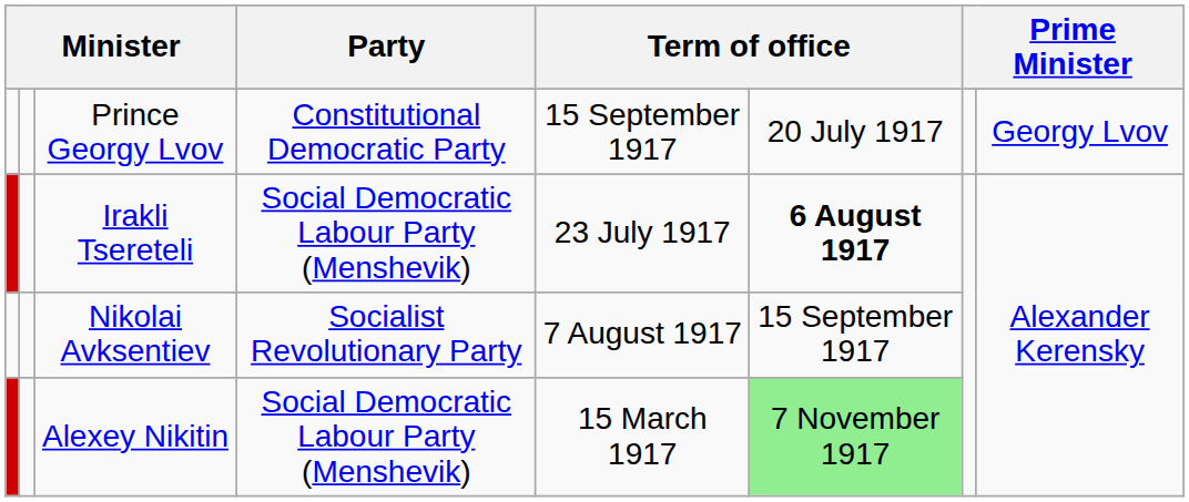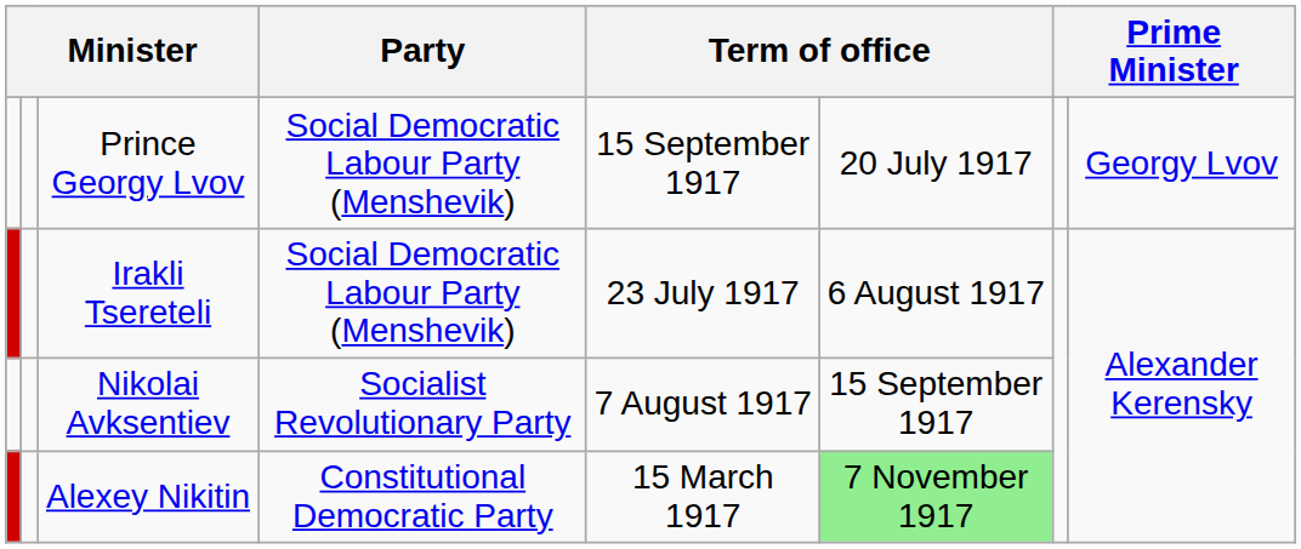 <table class="wikitable" style="text-align:center;">
 <tr>
 <th colspan=3>Minister</th>
 <th>Party</th>
 <th colspan=2>Term of office</th>
 <th colspan=2><a href='#'>Prime Minister</a></th>
 </tr>
 <tr>
 <td style="background: "></td>
 <td></td>
 <td>Prince<br><a href='#'>Georgy Lvov</a></td>
-<td><a href='#'>Constitutional Democratic Party</a></td>
+<td><a href='#'>Social Democratic Labour Party</a><br>(<a href='#'>Menshevik</a>)</td>
 <td>15 September 1917</td>
 <td>20 July 1917</td>
 <td style="background: "></td>
 <td><a href='#'>Georgy Lvov</a></td>
 </tr>
 <tr>
 <td style="background: #CE0000;"></td>
 <td></td>
 <td><a href='#'>Irakli Tsereteli</a></td>
 <td><a href='#'>Social Democratic Labour Party</a><br>(<a href='#'>Menshevik</a>)</td>
 <td>23 July 1917</td>
-<td><strong>6 August 1917</strong></td>
+<td>6 August 1917</td>
 <td rowspan=3 style="background: "></td>
 <td rowspan=3><a href='#'>Alexander Kerensky</a></td>
 </tr>
 <tr>
 <td style="background: "></td>
 <td></td>
 <td><a href='#'>Nikolai Avksentiev</a></td>
 <td><a href='#'>Socialist Revolutionary Party</a></td>
 <td>7 August 1917</td>
 <td>15 September 1917</td>
 </tr>
 <tr>
 <td style="background: #CE0000;"></td>
 <td></td>
 <td><a href='#'>Alexey Nikitin</a></td>
-<td><a href='#'>Social Democratic Labour Party</a><br>(<a href='#'>Menshevik</a>)</td>
+<td><a href='#'>Constitutional Democratic Party</a></td>
 <td>15 March 1917</td>
 <td style="background: lightgreen;">7 November 1917</td>
 </tr>
 </table>
